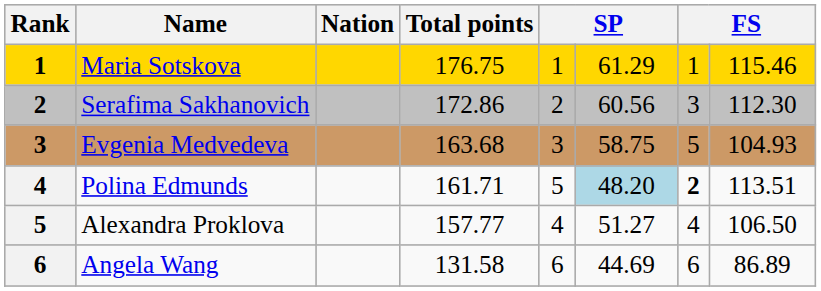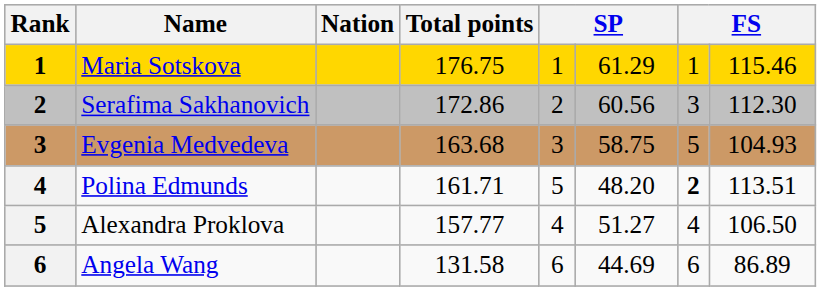 <table class="wikitable sortable">
 <tr>
 <th>Rank</th>
 <th>Name</th>
 <th>Nation</th>
 <th>Total points</th>
 <th colspan="2" width="80px"><a href='#'>SP</a></th>
 <th colspan="2" width="80px"><a href='#'>FS</a></th>
 </tr>
 <tr bgcolor="gold">
 <td align="center"><strong>1</strong></td>
 <td><a href='#'>Maria Sotskova</a></td>
 <td></td>
 <td align="center">176.75</td>
 <td align="center">1</td>
 <td align="center">61.29</td>
 <td align="center">1</td>
 <td align="center">115.46</td>
 </tr>
 <tr bgcolor="silver">
 <td align="center"><strong>2</strong></td>
 <td><a href='#'>Serafima Sakhanovich</a></td>
 <td></td>
 <td align="center">172.86</td>
 <td align="center">2</td>
 <td align="center">60.56</td>
 <td align="center">3</td>
 <td align="center">112.30</td>
 </tr>
 <tr bgcolor="cc9966">
 <td align="center"><strong>3</strong></td>
 <td><a href='#'>Evgenia Medvedeva</a></td>
 <td></td>
 <td align="center">163.68</td>
 <td align="center">3</td>
 <td align="center">58.75</td>
 <td align="center">5</td>
 <td align="center">104.93</td>
 </tr>
 <tr>
 <th>4</th>
 <td><a href='#'>Polina Edmunds</a></td>
 <td></td>
 <td align="center">161.71</td>
 <td align="center">5</td>
-<td align="center" style="background: lightblue;">48.20</td>
+<td align="center">48.20</td>
 <td align="center"><strong>2</strong></td>
 <td align="center">113.51</td>
 </tr>
 <tr>
 <th>5</th>
 <td>Alexandra Proklova</td>
 <td></td>
 <td align="center">157.77</td>
 <td align="center">4</td>
 <td align="center">51.27</td>
 <td align="center">4</td>
 <td align="center">106.50</td>
 </tr>
 <tr>
 <th>6</th>
 <td><a href='#'>Angela Wang</a></td>
 <td></td>
 <td align="center">131.58</td>
 <td align="center">6</td>
 <td align="center">44.69</td>
 <td align="center">6</td>
 <td align="center">86.89</td>
 </tr>
 </table>
